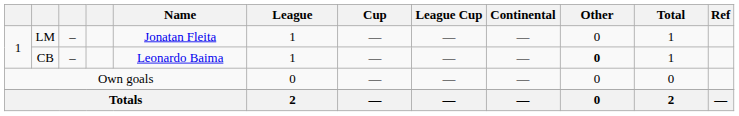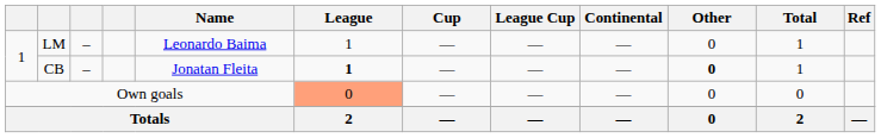 <table class="wikitable sortable" style="font-size: 95%; text-align: center;">
 <tr>
 <th style="width:25px; background:#; color:;"></th>
 <th style="width:25px; background:#; color:;"></th>
 <th style="width:25px; background:#; color:;"></th>
 <th style="width:25px; background:#; color:;"></th>
 <th style="width:150px; background:#; color:;">Name</th>
 <th style="width:100px; background:#; color:;">League</th>
 <th style="width:80px; background:#; color:;">Cup</th>
 <th style="width:80px; background:#; color:;">League Cup</th>
 <th style="width:80px; background:#; color:;">Continental</th>
 <th style="width:80px; background:#; color:;">Other</th>
 <th style="width:80px; background:#; color:;"><strong>Total</strong></th>
 <th style="width:10px; background:#; color:;"><strong>Ref</strong></th>
 </tr>
 <tr>
 <td rowspan=2>1</td>
 <td>LM</td>
 <td>–</td>
 <td></td>
-<td data-sort-value="Fleita, Jonatan"><a href='#'>Jonatan Fleita</a></td>
+<td data-sort-value="Baima, Leonardo"><a href='#'>Leonardo Baima</a></td>
 <td>1</td>
 <td>—</td>
 <td>—</td>
 <td>—</td>
 <td>0</td>
 <td>1</td>
 <td></td>
 </tr>
 <tr>
 <td>CB</td>
 <td>–</td>
 <td></td>
-<td data-sort-value="Baima, Leonardo"><a href='#'>Leonardo Baima</a></td>
-<td>1</td>
+<td data-sort-value="Fleita, Jonatan"><a href='#'>Jonatan Fleita</a></td>
+<td><strong>1</strong></td>
 <td>—</td>
 <td>—</td>
 <td>—</td>
 <td><strong>0</strong></td>
 <td>1</td>
 <td></td>
 </tr>
 <tr>
 <td colspan="5">Own goals</td>
-<td>0</td>
+<td style="background: lightsalmon;">0</td>
 <td>—</td>
 <td>—</td>
 <td>—</td>
 <td>0</td>
 <td>0</td>
 <td></td>
 </tr>
 <tr>
 </tr>
 <tr class="sortbottom">
 </tr>
 <tr class="sortbottom">
 <th colspan=5><strong>Totals</strong></th>
 <th><strong>2</strong></th>
 <th><strong>—</strong></th>
 <th><strong>—</strong></th>
 <th><strong>—</strong></th>
 <th><strong>0</strong></th>
 <th><strong>2</strong></th>
 <th><strong>—</strong></th>
 </tr>
 </table>
